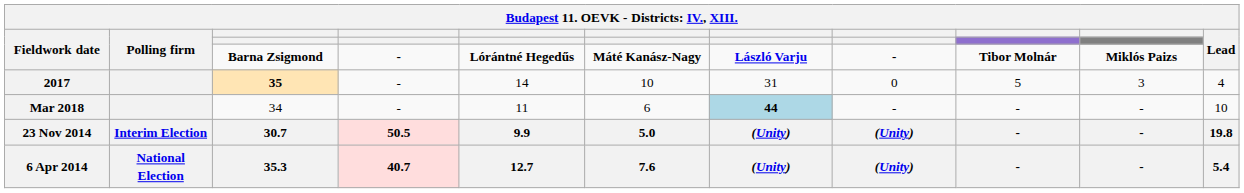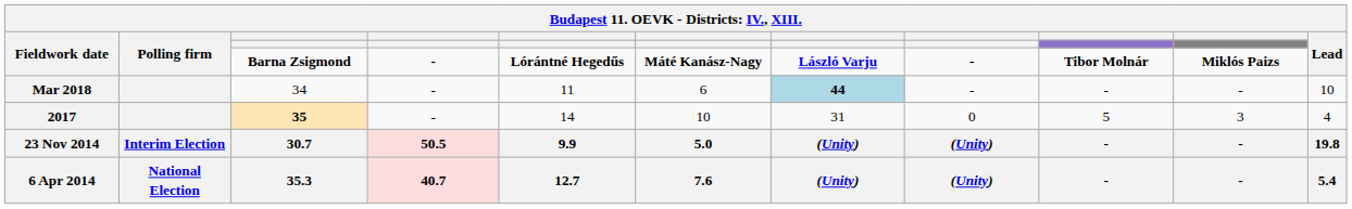 <table class="wikitable mw-collapsible mw-collapsed" style="text-align:center">
 <tr>
 <th colspan="11" style="width: 980pt;"><small><a href='#'>Budapest</a> 11. OEVK -</small> <small>Districts: <a href='#'>IV.</a>, <a href='#'>XIII.</a></small></th>
 </tr>
 <tr>
 <th rowspan="3" style="width: 80pt;"><small>Fieldwork</small> <small>date</small></th>
 <th rowspan="3" style="width: 80pt;"><strong><small>Polling</small> <small>firm</small></strong></th>
 <th style="width: 100pt;"><small></small></th>
 <th style="width: 100pt;"><small> </small></th>
 <th style="width: 100pt;"></th>
 <th style="width: 100pt;"></th>
 <th style="width: 100pt;"></th>
 <th style="width: 100pt;"></th>
 <th style="width: 100pt;"></th>
 <th style="width: 100pt;"></th>
 <th rowspan="3" style="width: 20pt;"><small>Lead</small></th>
 </tr>
 <tr>
 <th style="color:inherit;background:"></th>
 <th style="color:inherit;background:"></th>
 <th style="color:inherit;background:"></th>
 <th style="color:inherit;background:"></th>
 <th style="color:inherit;background:"></th>
 <th style="color:inherit;background:"></th>
 <th style="color:inherit;background:#8E6FCE;"></th>
 <th style="color:inherit;background:#808080;"></th>
 </tr>
 <tr>
 <td><small><strong>Barna Zsigmond</strong></small></td>
 <td><small><strong>-</strong></small></td>
 <td><small><strong>Lórántné Hegedűs</strong></small></td>
 <td><small><strong>Máté Kanász-Nagy</strong></small></td>
 <td><small><strong><a href='#'>László Varju</a></strong></small></td>
 <td><small><strong>-</strong></small></td>
 <td><small><strong>Tibor Molnár</strong></small></td>
 <td><small><strong>Miklós Paizs</strong></small></td>
 </tr>
 <tr>
+<th><small>Mar 2018</small></th>
+<th><small></small></th>
+<td><small>34</small></td>
+<td><small>-</small></td>
+<td><small>11</small></td>
+<td><small>6</small></td>
+<td style="background:#ADD8E6"><small><strong>44</strong></small></td>
+<td><small>-</small></td>
+<td><small>-</small></td>
+<td><small>-</small></td>
+<td style="background:"><small>10</small></td>
+</tr>
+<tr>
 <th><small>2017</small></th>
 <th><small></small></th>
 <td style="background:#FFE5B4"><small><strong>35</strong></small></td>
 <td><small>-</small></td>
 <td><small>14</small></td>
 <td><small>10</small></td>
 <td><small>31</small></td>
 <td><small>0</small></td>
 <td><small>5</small></td>
 <td><small>3</small></td>
 <td style="background:"><small>4</small></td>
-</tr>
-<tr>
-<th><small>Mar 2018</small></th>
-<th><small></small></th>
-<td><small>34</small></td>
-<td><small>-</small></td>
-<td><small>11</small></td>
-<td><small>6</small></td>
-<td style="background:#ADD8E6"><small><strong>44</strong></small></td>
-<td><small>-</small></td>
-<td><small>-</small></td>
-<td><small>-</small></td>
-<td style="background:"><small>10</small></td>
 </tr>
 <tr>
 <th><small>23 Nov 2014</small></th>
 <th><a href='#'><small>Interim Election</small></a></th>
 <th><small>30.7</small></th>
 <th style="background:#FFDDDD"><small>50.5</small></th>
 <th><small>9.9</small></th>
 <th><small>5.0</small></th>
 <th><small><em>(<a href='#'>Unity</a>)</em></small></th>
 <th><small><em>(<a href='#'>Unity</a>)</em></small></th>
 <th><small>-</small></th>
 <th><small>-</small></th>
 <th style="background:"><small>19.8</small></th>
 </tr>
 <tr>
 <th><small>6 Apr 2014</small></th>
 <th><a href='#'><small>National Election</small></a></th>
 <th><small>35.3</small></th>
 <th style="background:#FFDDDD"><small>40.7</small></th>
 <th><small>12.7</small></th>
 <th><small>7.6</small></th>
 <th><small><em>(<a href='#'>Unity</a>)</em></small></th>
 <th><small><em>(<a href='#'>Unity</a>)</em></small></th>
 <th><small>-</small></th>
 <th><small>-</small></th>
 <th style="background:"><small>5.4</small></th>
 </tr>
 </table>
